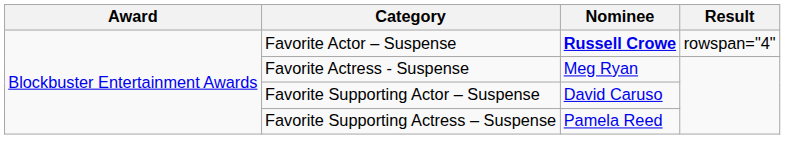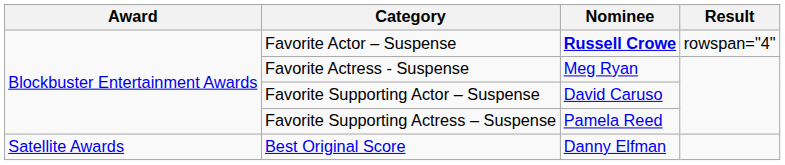 <table class="wikitable">
 <tr>
 <th>Award</th>
 <th>Category</th>
 <th>Nominee</th>
 <th>Result</th>
 </tr>
 <tr>
 <td rowspan="4"><a href='#'>Blockbuster Entertainment Awards</a></td>
 <td>Favorite Actor – Suspense</td>
 <td><strong><a href='#'>Russell Crowe</a></strong></td>
 <td>rowspan="4" </td>
 </tr>
 <tr>
 <td>Favorite Actress - Suspense</td>
 <td><a href='#'>Meg Ryan</a></td>
 </tr>
 <tr>
 <td>Favorite Supporting Actor – Suspense</td>
 <td><a href='#'>David Caruso</a></td>
 </tr>
 <tr>
 <td>Favorite Supporting Actress – Suspense</td>
 <td><a href='#'>Pamela Reed</a></td>
 </tr>
+<tr>
+<td><a href='#'>Satellite Awards</a></td>
+<td><a href='#'>Best Original Score</a></td>
+<td><a href='#'>Danny Elfman</a></td>
+<td></td>
+</tr>
 </table>
